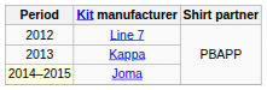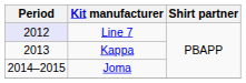 <table class="wikitable" style="text-align: center">
 <tr>
 <th>Period</th>
 <th><a href='#'>Kit</a> manufacturer</th>
 <th>Shirt partner</th>
 </tr>
 <tr>
-<td>2012</td>
+<td style="background: lavender;">2012</td>
 <td><a href='#'>Line 7</a></td>
 <td rowspan=3>PBAPP</td>
 </tr>
 <tr>
 <td>2013</td>
 <td><a href='#'>Kappa</a></td>
 </tr>
 <tr>
-<td style="background: lightyellow;">2014–2015</td>
+<td>2014–2015</td>
 <td><a href='#'>Joma</a></td>
 </tr>
 <tr>
 </tr>
 </table>
